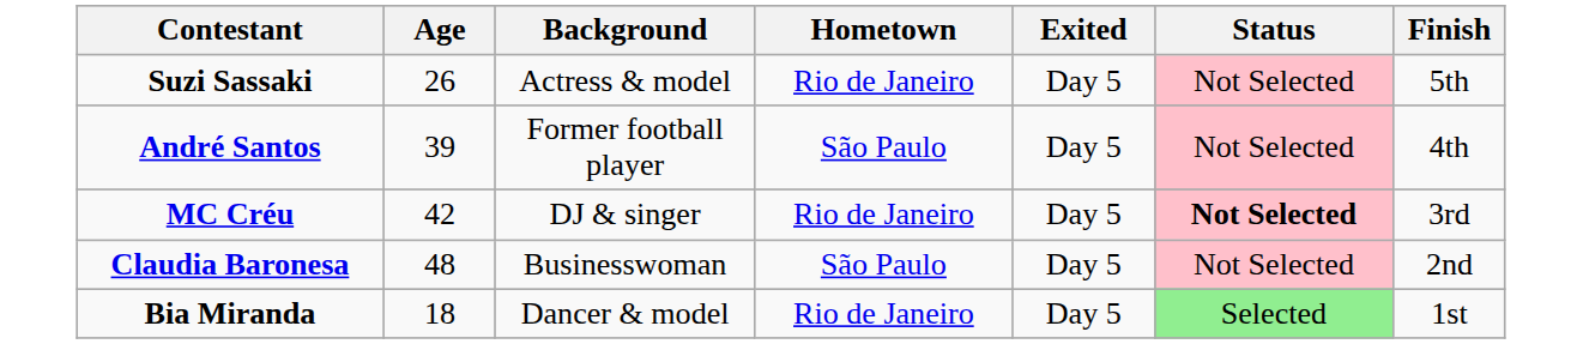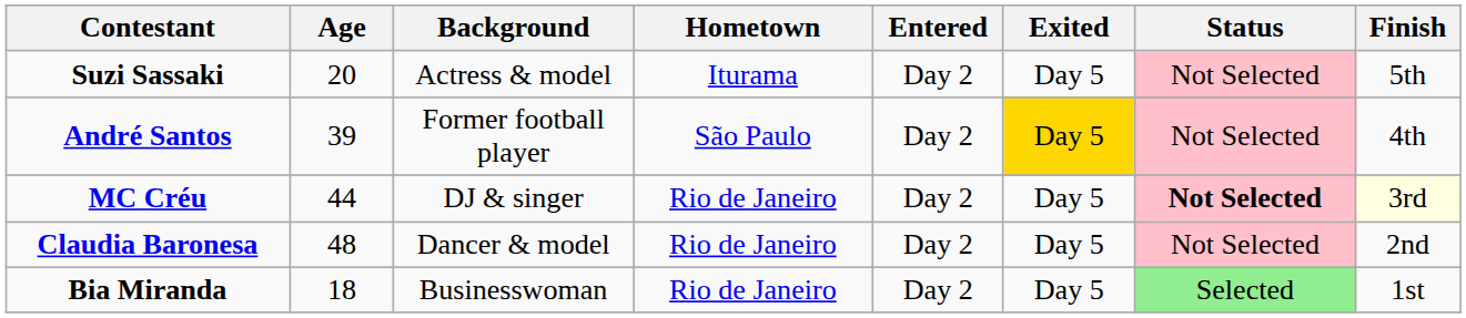 <table class= "wikitable sortable" style="text-align: center; margin:auto; align: center">
 <tr>
 <th width=150>Contestant</th>
 <th width=050>Age</th>
 <th width=125>Background</th>
 <th width=125>Hometown</th>
+<th width=065>Entered</th>
 <th width=065>Exited</th>
 <th width=115>Status</th>
 <th width=050>Finish</th>
 </tr>
 <tr>
 <td><strong>Suzi Sassaki</strong></td>
-<td>26</td>
+<td>20</td>
 <td>Actress & model</td>
-<td><a href='#'>Rio de Janeiro</a></td>
+<td><a href='#'>Iturama</a></td>
+<td>Day 2</td>
 <td>Day 5</td>
 <td bgcolor=FFC0CB nowrap>Not Selected<br></td>
 <td>5th</td>
 </tr>
 <tr>
 <td><strong><a href='#'>André Santos</a></strong></td>
 <td>39</td>
 <td>Former football player</td>
 <td><a href='#'>São Paulo</a></td>
-<td>Day 5</td>
+<td>Day 2</td>
+<td style="background: gold;">Day 5</td>
 <td bgcolor=FFC0CB>Not Selected<br></td>
 <td>4th</td>
 </tr>
 <tr>
 <td><strong><a href='#'>MC Créu</a></strong></td>
-<td>42</td>
+<td>44</td>
 <td>DJ & singer</td>
 <td><a href='#'>Rio de Janeiro</a></td>
+<td>Day 2</td>
 <td>Day 5</td>
 <td bgcolor=FFC0CB><strong>Not Selected<br></strong></td>
-<td>3rd</td>
+<td style="background: lightyellow;">3rd</td>
 </tr>
 <tr>
 <td nowrap><strong><a href='#'>Claudia Baronesa</a></strong></td>
 <td>48</td>
-<td>Businesswoman</td>
-<td><a href='#'>São Paulo</a></td>
+<td>Dancer & model</td>
+<td><a href='#'>Rio de Janeiro</a></td>
+<td>Day 2</td>
 <td>Day 5</td>
 <td bgcolor=FFC0CB>Not Selected<br></td>
 <td>2nd</td>
 </tr>
 <tr>
 <td><strong>Bia Miranda</strong></td>
 <td>18</td>
-<td>Dancer & model</td>
+<td>Businesswoman</td>
 <td><a href='#'>Rio de Janeiro</a></td>
+<td>Day 2</td>
 <td>Day 5</td>
 <td bgcolor=90EE90>Selected<br></td>
 <td>1st</td>
 </tr>
 </table>
